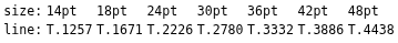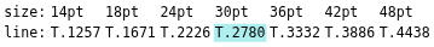 <table style="margin-left:40px;">
 <tr>
 <td>size:</td>
 <td>14pt</td>
 <td>18pt</td>
 <td>24pt</td>
 <td>30pt</td>
 <td>36pt</td>
 <td>42pt</td>
 <td>48pt</td>
 </tr>
 <tr>
 <td>line:</td>
 <td>T.1257</td>
 <td>T.1671</td>
 <td>T.2226</td>
-<td>T.2780</td>
+<td style="background: paleturquoise;">T.2780</td>
 <td>T.3332</td>
 <td>T.3886</td>
 <td>T.4438</td>
 </tr>
 </table>
